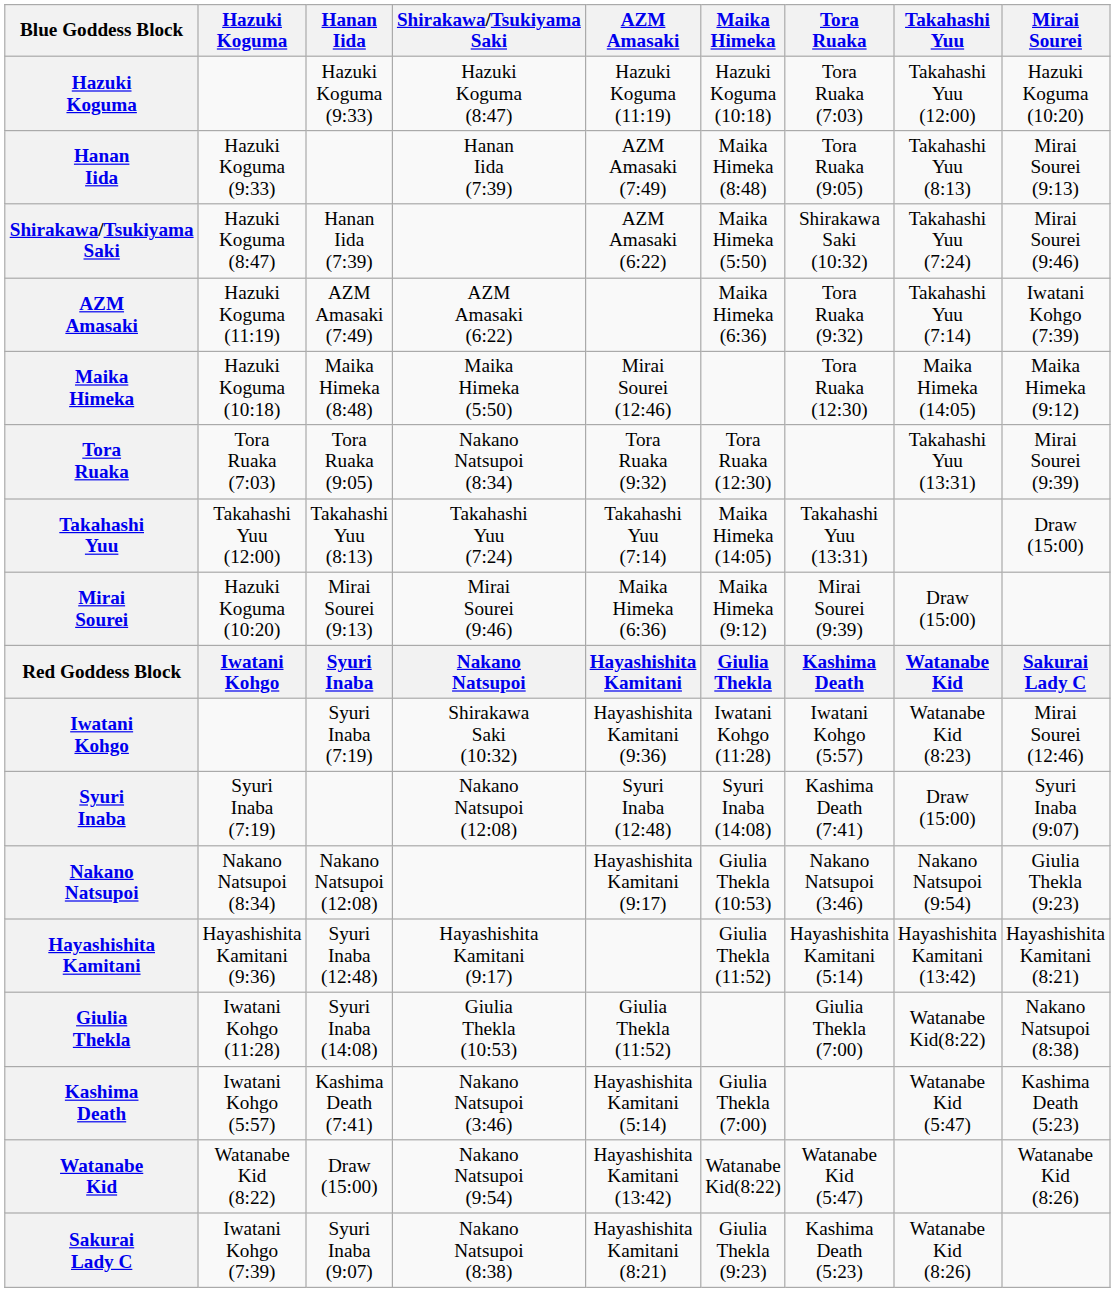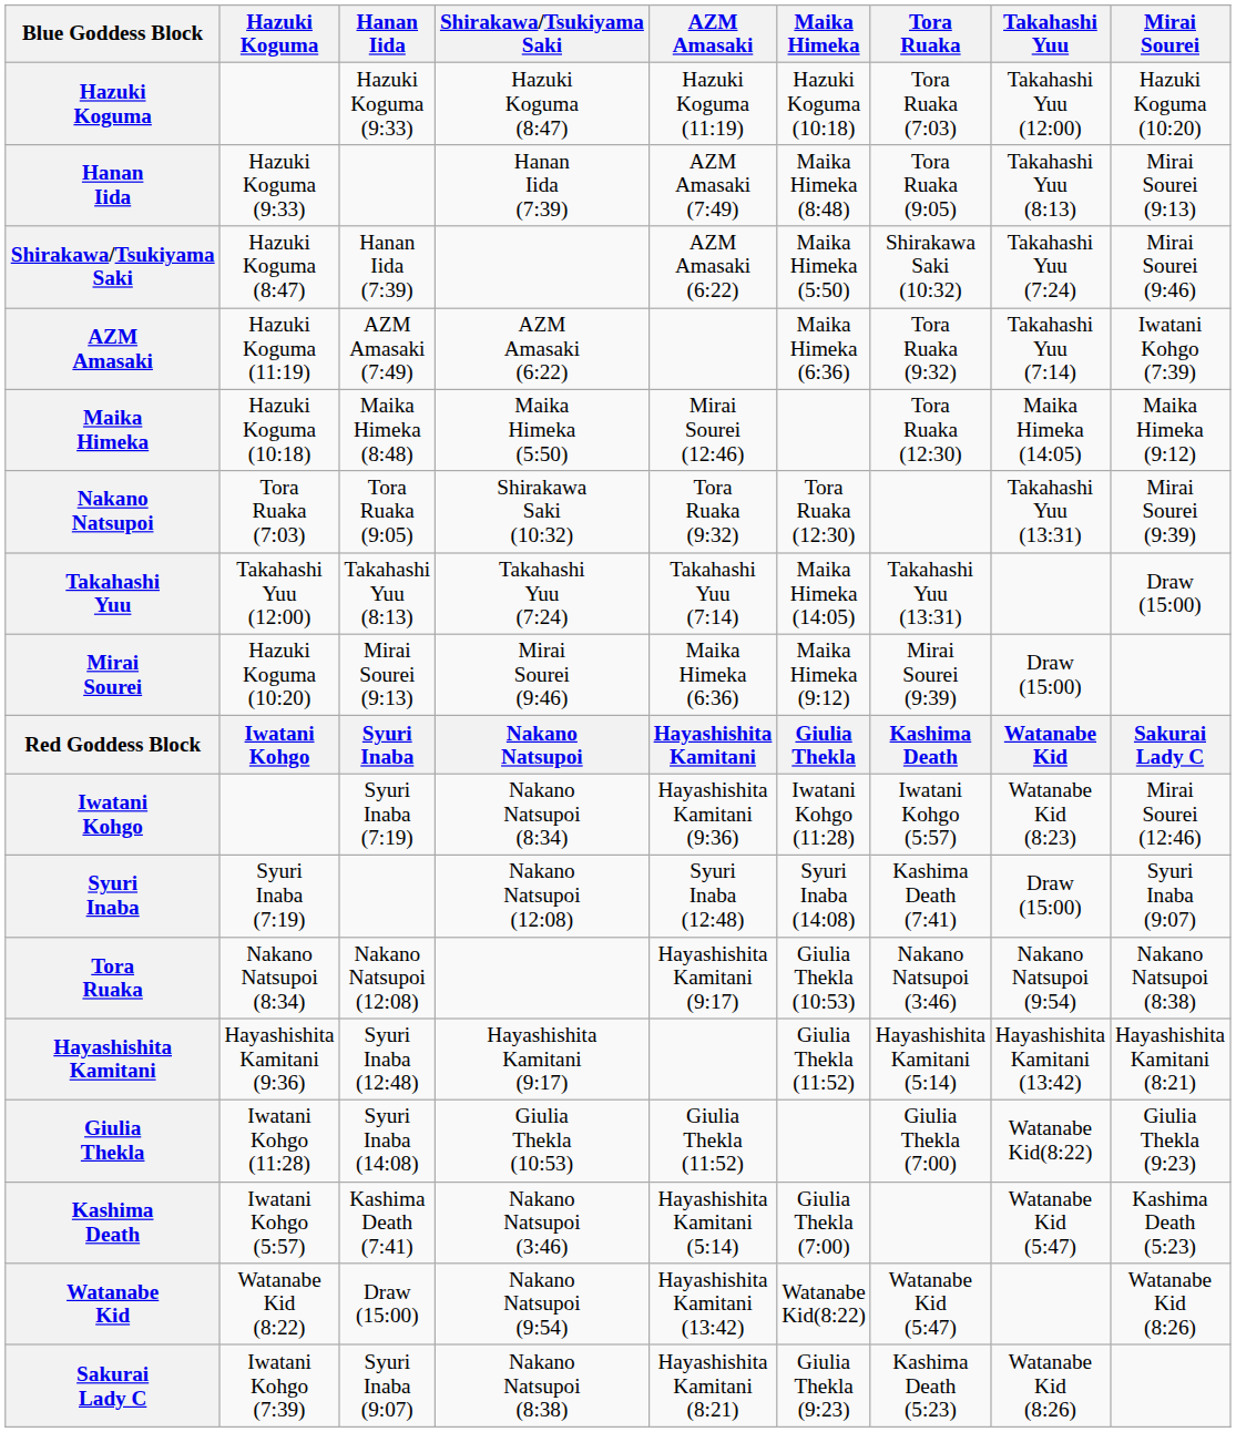 <table class="wikitable" style="text-align:center; margin: 1em auto 1em auto;" width="25%">
 <tr>
 <th>Blue Goddess Block</th>
 <th><a href='#'>Hazuki</a><br><a href='#'>Koguma</a></th>
 <th><a href='#'>Hanan</a><br><a href='#'>Iida</a></th>
 <th><a href='#'>Shirakawa</a>/<a href='#'>Tsukiyama</a><br><a href='#'>Saki</a></th>
 <th><a href='#'>AZM</a><br><a href='#'>Amasaki</a></th>
 <th><a href='#'>Maika</a><br><a href='#'>Himeka</a></th>
 <th><a href='#'>Tora</a><br><a href='#'>Ruaka</a></th>
 <th><a href='#'>Takahashi</a><br><a href='#'>Yuu</a></th>
 <th><a href='#'>Mirai</a><br><a href='#'>Sourei</a></th>
 </tr>
 <tr>
 <th><a href='#'>Hazuki</a><br><a href='#'>Koguma</a></th>
 <td></td>
 <td>Hazuki<br>Koguma<br>(9:33)</td>
 <td>Hazuki<br>Koguma<br>(8:47)</td>
 <td>Hazuki<br>Koguma<br>(11:19)</td>
 <td>Hazuki<br>Koguma<br>(10:18)</td>
 <td>Tora<br>Ruaka<br>(7:03)</td>
 <td>Takahashi<br>Yuu<br>(12:00)</td>
 <td>Hazuki<br>Koguma<br>(10:20)</td>
 </tr>
 <tr>
 <th><a href='#'>Hanan</a><br><a href='#'>Iida</a></th>
 <td>Hazuki<br>Koguma<br>(9:33)</td>
 <td></td>
 <td>Hanan<br>Iida<br>(7:39)</td>
 <td>AZM<br>Amasaki<br>(7:49)</td>
 <td>Maika<br>Himeka<br>(8:48)</td>
 <td>Tora<br>Ruaka<br>(9:05)</td>
 <td>Takahashi<br>Yuu<br>(8:13)</td>
 <td>Mirai<br>Sourei<br>(9:13)</td>
 </tr>
 <tr>
 <th><a href='#'>Shirakawa</a>/<a href='#'>Tsukiyama</a><br><a href='#'>Saki</a></th>
 <td>Hazuki<br>Koguma<br>(8:47)</td>
 <td>Hanan<br>Iida<br>(7:39)</td>
 <td></td>
 <td>AZM<br>Amasaki<br>(6:22)</td>
 <td>Maika<br>Himeka<br>(5:50)</td>
 <td>Shirakawa<br>Saki<br>(10:32)</td>
 <td>Takahashi<br>Yuu<br>(7:24)</td>
 <td>Mirai<br>Sourei<br>(9:46)</td>
 </tr>
 <tr>
 <th><a href='#'>AZM</a><br><a href='#'>Amasaki</a></th>
 <td>Hazuki<br>Koguma<br>(11:19)</td>
 <td>AZM<br>Amasaki<br>(7:49)</td>
 <td>AZM<br>Amasaki<br>(6:22)</td>
 <td></td>
 <td>Maika<br>Himeka<br>(6:36)</td>
 <td>Tora<br>Ruaka<br>(9:32)</td>
 <td>Takahashi<br>Yuu<br>(7:14)</td>
 <td>Iwatani<br>Kohgo<br>(7:39)</td>
 </tr>
 <tr>
 <th><a href='#'>Maika</a><br><a href='#'>Himeka</a></th>
 <td>Hazuki<br>Koguma<br>(10:18)</td>
 <td>Maika<br>Himeka<br>(8:48)</td>
 <td>Maika<br>Himeka<br>(5:50)</td>
 <td>Mirai<br>Sourei<br>(12:46)</td>
 <td></td>
 <td>Tora<br>Ruaka<br>(12:30)</td>
 <td>Maika<br>Himeka<br>(14:05)</td>
 <td>Maika<br>Himeka<br>(9:12)</td>
 </tr>
 <tr>
-<th><a href='#'>Tora</a><br><a href='#'>Ruaka</a></th>
+<th><a href='#'>Nakano</a><br><a href='#'>Natsupoi</a></th>
 <td>Tora<br>Ruaka<br>(7:03)</td>
 <td>Tora<br>Ruaka<br>(9:05)</td>
-<td>Nakano<br>Natsupoi<br>(8:34)</td>
+<td>Shirakawa<br>Saki<br>(10:32)</td>
 <td>Tora<br>Ruaka<br>(9:32)</td>
 <td>Tora<br>Ruaka<br>(12:30)</td>
 <td></td>
 <td>Takahashi<br>Yuu<br>(13:31)</td>
 <td>Mirai<br>Sourei<br>(9:39)</td>
 </tr>
 <tr>
 <th><a href='#'>Takahashi</a><br><a href='#'>Yuu</a></th>
 <td>Takahashi<br>Yuu<br>(12:00)</td>
 <td>Takahashi<br>Yuu<br>(8:13)</td>
 <td>Takahashi<br>Yuu<br>(7:24)</td>
 <td>Takahashi<br>Yuu<br>(7:14)</td>
 <td>Maika<br>Himeka<br>(14:05)</td>
 <td>Takahashi<br>Yuu<br>(13:31)</td>
 <td></td>
 <td>Draw<br>(15:00)</td>
 </tr>
 <tr>
 <th><a href='#'>Mirai</a><br><a href='#'>Sourei</a></th>
 <td>Hazuki<br>Koguma<br>(10:20)</td>
 <td>Mirai<br>Sourei<br>(9:13)</td>
 <td>Mirai<br>Sourei<br>(9:46)</td>
 <td>Maika<br>Himeka<br>(6:36)</td>
 <td>Maika<br>Himeka<br>(9:12)</td>
 <td>Mirai<br>Sourei<br>(9:39)</td>
 <td>Draw<br>(15:00)</td>
 <td></td>
 </tr>
 <tr>
 <th>Red Goddess Block</th>
 <th><a href='#'>Iwatani</a><br><a href='#'>Kohgo</a></th>
 <th><a href='#'>Syuri</a><br><a href='#'>Inaba</a></th>
 <th><a href='#'>Nakano</a><br><a href='#'>Natsupoi</a></th>
 <th><a href='#'>Hayashishita</a><br><a href='#'>Kamitani</a></th>
 <th><a href='#'>Giulia</a><br><a href='#'>Thekla</a></th>
 <th><a href='#'>Kashima</a><br><a href='#'>Death</a></th>
 <th><a href='#'>Watanabe</a><br><a href='#'>Kid</a></th>
 <th><a href='#'>Sakurai</a><br><a href='#'>Lady C</a></th>
 </tr>
 <tr>
 <th><a href='#'>Iwatani</a><br><a href='#'>Kohgo</a></th>
 <td></td>
 <td>Syuri<br>Inaba<br>(7:19)</td>
-<td>Shirakawa<br>Saki<br>(10:32)</td>
+<td>Nakano<br>Natsupoi<br>(8:34)</td>
 <td>Hayashishita<br>Kamitani<br>(9:36)</td>
 <td>Iwatani<br>Kohgo<br>(11:28)</td>
 <td>Iwatani<br>Kohgo<br>(5:57)</td>
 <td>Watanabe<br>Kid<br>(8:23)</td>
 <td>Mirai<br>Sourei<br>(12:46)</td>
 </tr>
 <tr>
 <th><a href='#'>Syuri</a><br><a href='#'>Inaba</a></th>
 <td>Syuri<br>Inaba<br>(7:19)</td>
 <td></td>
 <td>Nakano<br>Natsupoi<br>(12:08)</td>
 <td>Syuri<br>Inaba<br>(12:48)</td>
 <td>Syuri<br>Inaba<br>(14:08)</td>
 <td>Kashima<br>Death<br>(7:41)</td>
 <td>Draw<br>(15:00)</td>
 <td>Syuri<br>Inaba<br>(9:07)</td>
 </tr>
 <tr>
-<th><a href='#'>Nakano</a><br><a href='#'>Natsupoi</a></th>
+<th><a href='#'>Tora</a><br><a href='#'>Ruaka</a></th>
 <td>Nakano<br>Natsupoi<br>(8:34)</td>
 <td>Nakano<br>Natsupoi<br>(12:08)</td>
 <td></td>
 <td>Hayashishita<br>Kamitani<br>(9:17)</td>
 <td>Giulia<br>Thekla<br>(10:53)</td>
 <td>Nakano<br>Natsupoi<br>(3:46)</td>
 <td>Nakano<br>Natsupoi<br>(9:54)</td>
-<td>Giulia<br>Thekla<br>(9:23)</td>
+<td>Nakano<br>Natsupoi<br>(8:38)</td>
 </tr>
 <tr>
 <th><a href='#'>Hayashishita</a><br><a href='#'>Kamitani</a></th>
 <td>Hayashishita<br>Kamitani<br>(9:36)</td>
 <td>Syuri<br>Inaba<br>(12:48)</td>
 <td>Hayashishita<br>Kamitani<br>(9:17)</td>
 <td></td>
 <td>Giulia<br>Thekla<br>(11:52)</td>
 <td>Hayashishita<br>Kamitani<br>(5:14)</td>
 <td>Hayashishita<br>Kamitani<br>(13:42)</td>
 <td>Hayashishita<br>Kamitani<br>(8:21)</td>
 </tr>
 <tr>
 <th><a href='#'>Giulia</a><br><a href='#'>Thekla</a></th>
 <td>Iwatani<br>Kohgo<br>(11:28)</td>
 <td>Syuri<br>Inaba<br>(14:08)</td>
 <td>Giulia<br>Thekla<br>(10:53)</td>
 <td>Giulia<br>Thekla<br>(11:52)</td>
 <td></td>
 <td>Giulia<br>Thekla<br>(7:00)</td>
 <td>Watanabe<br>Kid(8:22)</td>
-<td>Nakano<br>Natsupoi<br>(8:38)</td>
+<td>Giulia<br>Thekla<br>(9:23)</td>
 </tr>
 <tr>
 <th><a href='#'>Kashima</a><br><a href='#'>Death</a></th>
 <td>Iwatani<br>Kohgo<br>(5:57)</td>
 <td>Kashima<br>Death<br>(7:41)</td>
 <td>Nakano<br>Natsupoi<br>(3:46)</td>
 <td>Hayashishita<br>Kamitani<br>(5:14)</td>
 <td>Giulia<br>Thekla<br>(7:00)</td>
 <td></td>
 <td>Watanabe<br>Kid<br>(5:47)</td>
 <td>Kashima<br>Death<br>(5:23)</td>
 </tr>
 <tr>
 <th><a href='#'>Watanabe</a><br><a href='#'>Kid</a></th>
 <td>Watanabe<br>Kid<br>(8:22)</td>
 <td>Draw<br>(15:00)</td>
 <td>Nakano<br>Natsupoi<br>(9:54)</td>
 <td>Hayashishita<br>Kamitani<br>(13:42)</td>
 <td>Watanabe<br>Kid(8:22)</td>
 <td>Watanabe<br>Kid<br>(5:47)</td>
 <td></td>
 <td>Watanabe<br>Kid<br>(8:26)</td>
 </tr>
 <tr>
 <th><a href='#'>Sakurai</a><br><a href='#'>Lady C</a></th>
 <td>Iwatani<br>Kohgo<br>(7:39)</td>
 <td>Syuri<br>Inaba<br>(9:07)</td>
 <td>Nakano<br>Natsupoi<br>(8:38)</td>
 <td>Hayashishita<br>Kamitani<br>(8:21)</td>
 <td>Giulia<br>Thekla<br>(9:23)</td>
 <td>Kashima<br>Death<br>(5:23)</td>
 <td>Watanabe<br>Kid<br>(8:26)</td>
 <td></td>
 </tr>
 </table>
